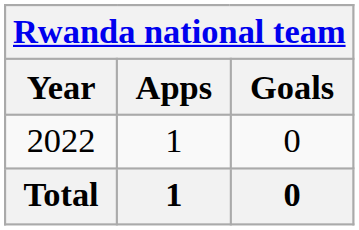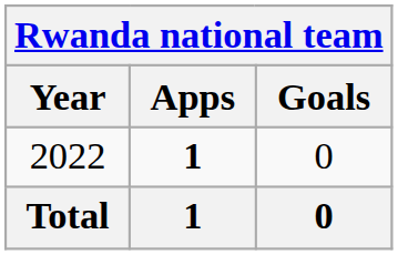 <table class="wikitable" style="text-align:center">
 <tr>
 <th colspan=3><a href='#'>Rwanda national team</a></th>
 </tr>
 <tr>
 <th>Year</th>
 <th>Apps</th>
 <th>Goals</th>
 </tr>
 <tr>
 <td>2022</td>
-<td>1</td>
+<td><strong>1</strong></td>
 <td>0</td>
 </tr>
 <tr>
 <th>Total</th>
 <th>1</th>
 <th>0</th>
 </tr>
 </table>
